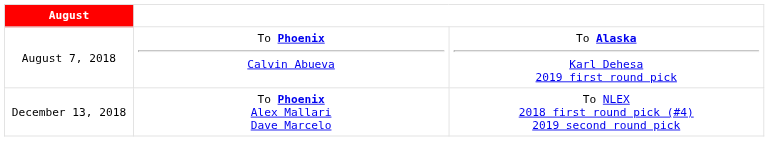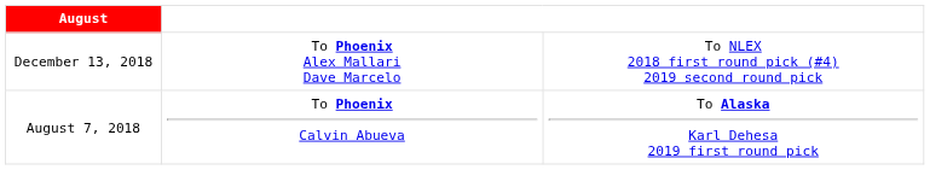 <table border=1 style="border-collapse:collapse; text-align: center; width: 100%" bordercolor="#DFDFDF"  cellpadding="5">
 <tr bgcolor="eeeeee">
 <th style="background:#FF0000; color:#FFFFFF; ">August</th>
+</tr>
+<tr>
+<td>December 13, 2018</td>
+<td>To <strong><a href='#'>Phoenix</a></strong><br><a href='#'>Alex Mallari</a><br><a href='#'>Dave Marcelo</a></td>
+<td>To <a href='#'>NLEX</a><br><a href='#'>2018 first round pick (#4)</a><br><a href='#'>2019 second round pick</a></td>
 </tr>
 <tr>
 <td style="width:12%">August 7, 2018 </td>
 <td style="width:29.3%" valign="top">To <strong><a href='#'>Phoenix</a></strong> <hr> <a href='#'>Calvin Abueva</a></td>
 <td style="width:29.3%" valign="top">To <strong><a href='#'>Alaska</a></strong> <hr> <a href='#'>Karl Dehesa</a> <br> <a href='#'>2019 first round pick</a></td>
 </tr>
-<tr>
-<td>December 13, 2018</td>
-<td>To <strong><a href='#'>Phoenix</a></strong><br><a href='#'>Alex Mallari</a><br><a href='#'>Dave Marcelo</a></td>
-<td>To <a href='#'>NLEX</a><br><a href='#'>2018 first round pick (#4)</a><br><a href='#'>2019 second round pick</a></td>
-</tr>
 </table>
